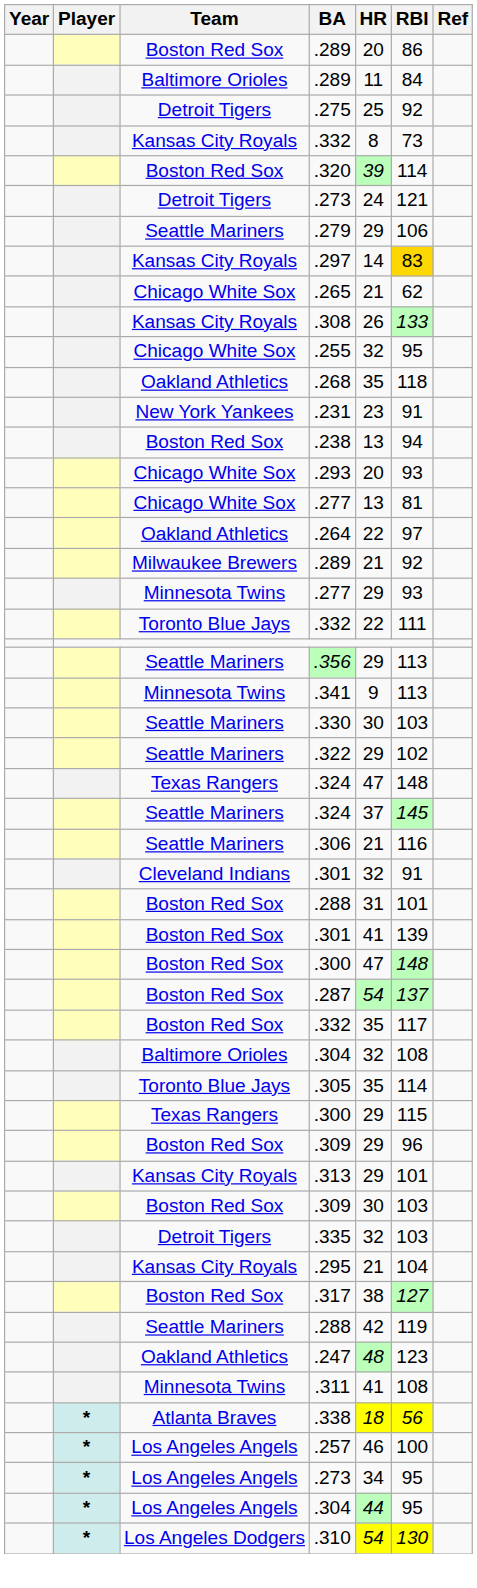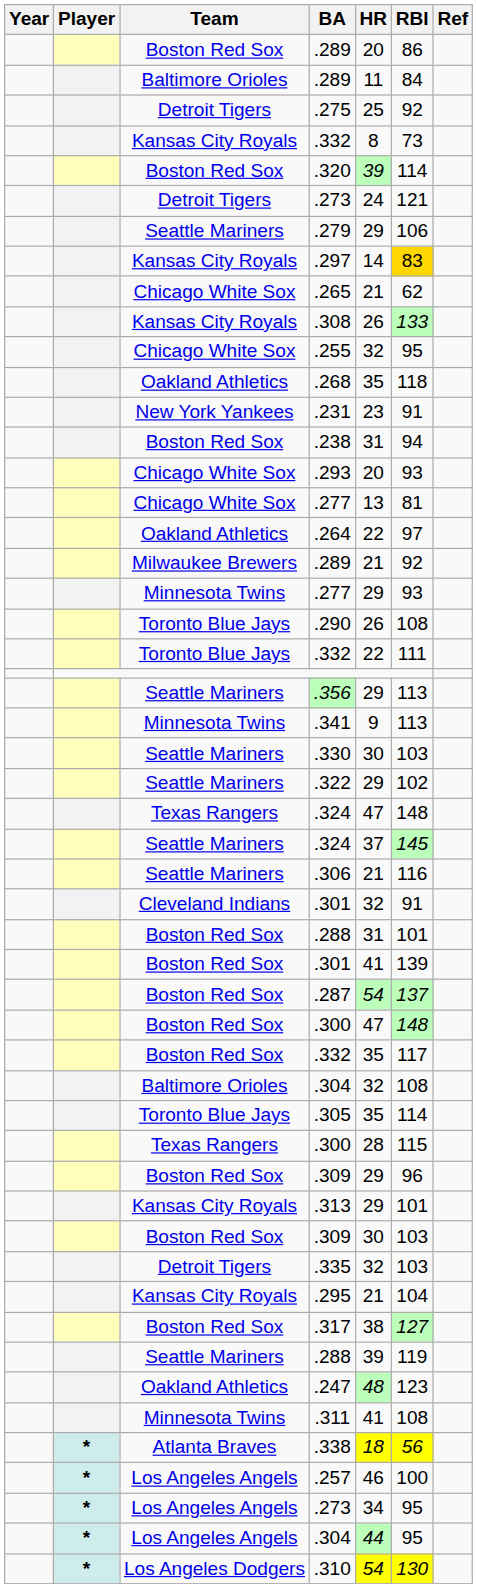 <table class="wikitable sortable plainrowheaders" style="text-align:center; text-align:center">
 <tr>
 <th scope="col">Year</th>
 <th scope="col">Player</th>
 <th scope="col">Team</th>
 <th scope="col">BA</th>
 <th scope="col">HR</th>
 <th scope="col">RBI</th>
 <th class=unsortable scope="col">Ref</th>
 </tr>
 <tr>
 <td></td>
 <th scope="row" style="text-align:center; background:#ffb;"></th>
 <td><a href='#'>Boston Red Sox</a></td>
 <td>.289</td>
 <td>20</td>
 <td>86</td>
 <td></td>
 </tr>
 <tr>
 <td></td>
 <th scope="row" style="text-align:center"></th>
 <td><a href='#'>Baltimore Orioles</a></td>
 <td>.289</td>
 <td>11</td>
 <td>84</td>
 <td></td>
 </tr>
 <tr>
 <td></td>
 <th scope="row" style="text-align:center"></th>
 <td><a href='#'>Detroit Tigers</a></td>
 <td>.275</td>
 <td>25</td>
 <td>92</td>
 <td></td>
 </tr>
 <tr>
 <td></td>
 <th scope="row" style="text-align:center"></th>
 <td><a href='#'>Kansas City Royals</a></td>
 <td>.332</td>
 <td>8</td>
 <td>73</td>
 <td></td>
 </tr>
 <tr>
 <td></td>
 <th scope="row" style="text-align:center; background:#ffb;"></th>
 <td><a href='#'>Boston Red Sox</a></td>
 <td>.320</td>
 <td style="text-align:center; background:#bfb;"><em>39</em></td>
 <td>114</td>
 <td></td>
 </tr>
 <tr>
 <td></td>
 <th scope="row" style="text-align:center"></th>
 <td><a href='#'>Detroit Tigers</a></td>
 <td>.273</td>
 <td>24</td>
 <td>121</td>
 <td></td>
 </tr>
 <tr>
 <td></td>
 <th scope="row" style="text-align:center"> </th>
 <td><a href='#'>Seattle Mariners</a></td>
 <td>.279</td>
 <td>29</td>
 <td>106</td>
 <td></td>
 </tr>
 <tr>
 <td></td>
 <th scope="row" style="text-align:center"> </th>
 <td><a href='#'>Kansas City Royals</a></td>
 <td>.297</td>
 <td>14</td>
 <td style="background: gold;">83</td>
 <td></td>
 </tr>
 <tr>
 <td></td>
 <th scope="row" style="text-align:center"></th>
 <td><a href='#'>Chicago White Sox</a></td>
 <td>.265</td>
 <td>21</td>
 <td>62</td>
 <td></td>
 </tr>
 <tr>
 <td></td>
 <th scope="row" style="text-align:center"> </th>
 <td><a href='#'>Kansas City Royals</a></td>
 <td>.308</td>
 <td>26</td>
 <td style="text-align:center; background:#bfb;"><em>133</em></td>
 <td></td>
 </tr>
 <tr>
 <td></td>
 <th scope="row" style="text-align:center"> </th>
 <td><a href='#'>Chicago White Sox</a></td>
 <td>.255</td>
 <td>32</td>
 <td>95</td>
 <td></td>
 </tr>
 <tr>
 <td></td>
 <th scope="row" style="text-align:center"></th>
 <td><a href='#'>Oakland Athletics</a></td>
 <td>.268</td>
 <td>35</td>
 <td>118</td>
 <td></td>
 </tr>
 <tr>
 <td></td>
 <th scope="row" style="text-align:center"></th>
 <td><a href='#'>New York Yankees</a></td>
 <td>.231</td>
 <td>23</td>
 <td>91</td>
 <td></td>
 </tr>
 <tr>
 <td></td>
 <th scope="row" style="text-align:center"> </th>
 <td><a href='#'>Boston Red Sox</a></td>
 <td>.238</td>
-<td>13</td>
+<td>31</td>
 <td>94</td>
 <td></td>
 </tr>
 <tr>
 <td></td>
 <th scope="row" style="text-align:center; background:#ffb;"></th>
 <td><a href='#'>Chicago White Sox</a></td>
 <td>.293</td>
 <td>20</td>
 <td>93</td>
 <td></td>
 </tr>
 <tr>
 <td></td>
 <th scope="row" style="text-align:center; background:#ffb;"> </th>
 <td><a href='#'>Chicago White Sox</a></td>
 <td>.277</td>
 <td>13</td>
 <td>81</td>
 <td></td>
 </tr>
 <tr>
 <td></td>
 <th scope="row" style="text-align:center; background:#ffb;"></th>
 <td><a href='#'>Oakland Athletics</a></td>
 <td>.264</td>
 <td>22</td>
 <td>97</td>
 <td></td>
 </tr>
 <tr>
 <td></td>
 <th scope="row" style="text-align:center; background:#ffb;"> </th>
 <td><a href='#'>Milwaukee Brewers</a></td>
 <td>.289</td>
 <td>21</td>
 <td>92</td>
 <td></td>
 </tr>
 <tr>
 <td></td>
 <th scope="row" style="text-align:center"></th>
 <td><a href='#'>Minnesota Twins</a></td>
 <td>.277</td>
 <td>29</td>
 <td>93</td>
+<td></td>
+</tr>
+<tr>
+<td></td>
+<th scope="row" style="text-align:center; background:#ffb;"></th>
+<td><a href='#'>Toronto Blue Jays</a></td>
+<td>.290</td>
+<td>26</td>
+<td>108</td>
 <td></td>
 </tr>
 <tr>
 <td></td>
 <th scope="row" style="text-align:center; background:#ffb;"></th>
 <td><a href='#'>Toronto Blue Jays</a></td>
 <td>.332</td>
 <td>22</td>
 <td>111</td>
 <td></td>
 </tr>
 <tr>
 <td></td>
 <td colspan="5"></td>
 <td></td>
 </tr>
 <tr>
 <td></td>
 <th scope="row" style="text-align:center; background:#ffb;"></th>
 <td><a href='#'>Seattle Mariners</a></td>
 <td style="text-align:center; background:#bfb;"><em>.356</em></td>
 <td>29</td>
 <td>113</td>
 <td></td>
 </tr>
 <tr>
 <td></td>
 <th scope="row" style="text-align:center; background:#ffb;"> </th>
 <td><a href='#'>Minnesota Twins</a></td>
 <td>.341</td>
 <td>9</td>
 <td>113</td>
 <td></td>
 </tr>
 <tr>
 <td></td>
 <th scope="row" style="text-align:center; background:#ffb;"> </th>
 <td><a href='#'>Seattle Mariners</a></td>
 <td>.330</td>
 <td>30</td>
 <td>103</td>
 <td></td>
 </tr>
 <tr>
 <td></td>
 <th scope="row" style="text-align:center; background:#ffb;"> </th>
 <td><a href='#'>Seattle Mariners</a></td>
 <td>.322</td>
 <td>29</td>
 <td>102</td>
 <td></td>
 </tr>
 <tr>
 <td></td>
 <th scope="row" style="text-align:center"></th>
 <td><a href='#'>Texas Rangers</a></td>
 <td>.324</td>
 <td>47</td>
 <td>148</td>
 <td></td>
 </tr>
 <tr>
 <td></td>
 <th scope="row" style="text-align:center; background:#ffb;"> </th>
 <td><a href='#'>Seattle Mariners</a></td>
 <td>.324</td>
 <td>37</td>
 <td style="text-align:center; background:#bfb;"><em>145</em></td>
 <td></td>
 </tr>
 <tr>
 <td></td>
 <th scope="row" style="text-align:center; background:#ffb;"> </th>
 <td><a href='#'>Seattle Mariners</a></td>
 <td>.306</td>
 <td>21</td>
 <td>116</td>
 <td></td>
 </tr>
 <tr>
 <td></td>
 <th scope="row" style="text-align:center"></th>
 <td><a href='#'>Cleveland Indians</a></td>
 <td>.301</td>
 <td>32</td>
 <td>91</td>
 <td></td>
 </tr>
 <tr>
 <td></td>
 <th scope="row" style="text-align:center; background:#ffb;"></th>
 <td><a href='#'>Boston Red Sox</a></td>
 <td>.288</td>
 <td>31</td>
 <td>101</td>
 <td></td>
 </tr>
 <tr>
 <td></td>
 <th scope="row" style="text-align:center; background:#ffb;"> </th>
 <td><a href='#'>Boston Red Sox</a></td>
 <td>.301</td>
 <td>41</td>
 <td>139</td>
 <td></td>
 </tr>
 <tr>
 <td></td>
 <th scope="row" style="text-align:center; background:#ffb;"> </th>
 <td><a href='#'>Boston Red Sox</a></td>
-<td>.300</td>
-<td>47</td>
-<td style="text-align:center; background:#bfb;"><em>148</em></td>
+<td>.287</td>
+<td style="text-align:center; background:#bfb;"><em>54</em></td>
+<td style="text-align:center; background:#bfb;"><em>137</em></td>
 <td></td>
 </tr>
 <tr>
 <td></td>
 <th scope="row" style="text-align:center; background:#ffb;"> </th>
 <td><a href='#'>Boston Red Sox</a></td>
-<td>.287</td>
-<td style="text-align:center; background:#bfb;"><em>54</em></td>
-<td style="text-align:center; background:#bfb;"><em>137</em></td>
+<td>.300</td>
+<td>47</td>
+<td style="text-align:center; background:#bfb;"><em>148</em></td>
 <td></td>
 </tr>
 <tr>
 <td></td>
 <th scope="row" style="text-align:center; background:#ffb;"> </th>
 <td><a href='#'>Boston Red Sox</a></td>
 <td>.332</td>
 <td>35</td>
 <td>117</td>
 <td></td>
 </tr>
 <tr>
 <td></td>
 <th scope="row" style="text-align:center"></th>
 <td><a href='#'>Baltimore Orioles</a></td>
 <td>.304</td>
 <td>32</td>
 <td>108</td>
 <td></td>
 </tr>
 <tr>
 <td></td>
 <th scope="row" style="text-align:center;"></th>
 <td><a href='#'>Toronto Blue Jays</a></td>
 <td>.305</td>
 <td>35</td>
 <td>114</td>
 <td></td>
 </tr>
 <tr>
 <td></td>
 <th scope="row" style="text-align:center; background:#ffb;"></th>
 <td><a href='#'>Texas Rangers</a></td>
 <td>.300</td>
-<td>29</td>
+<td>28</td>
 <td>115</td>
 <td></td>
 </tr>
 <tr>
 <td></td>
 <th scope="row" style="text-align:center; background:#ffb;"> </th>
 <td><a href='#'>Boston Red Sox</a></td>
 <td>.309</td>
 <td>29</td>
 <td>96</td>
 <td></td>
 </tr>
 <tr>
 <td></td>
 <th scope="row" style="text-align:center;"></th>
 <td><a href='#'>Kansas City Royals</a></td>
 <td>.313</td>
 <td>29</td>
 <td>101</td>
 <td></td>
 </tr>
 <tr>
 <td></td>
 <th scope="row" style="text-align:center; background:#ffb;"> </th>
 <td><a href='#'>Boston Red Sox</a></td>
 <td>.309</td>
 <td>30</td>
 <td>103</td>
 <td></td>
 </tr>
 <tr>
 <td></td>
 <th scope="row" style="text-align:center; "></th>
 <td><a href='#'>Detroit Tigers</a></td>
 <td>.335</td>
 <td>32</td>
 <td>103</td>
 <td></td>
 </tr>
 <tr>
 <td></td>
 <th scope="row" style="text-align:center; "></th>
 <td><a href='#'>Kansas City Royals</a></td>
 <td>.295</td>
 <td>21</td>
 <td>104</td>
 <td></td>
 </tr>
 <tr>
 <td></td>
 <th scope="row" style="text-align:center; background:#ffb;"> </th>
 <td><a href='#'>Boston Red Sox</a></td>
 <td>.317</td>
 <td>38</td>
 <td style="text-align:center; background:#bfb;"><em>127</em></td>
 <td></td>
 </tr>
 <tr>
 <td></td>
 <th scope="row" style="text-align:center; "></th>
 <td><a href='#'>Seattle Mariners</a></td>
 <td>.288</td>
-<td>42</td>
+<td>39</td>
 <td>119</td>
 <td></td>
 </tr>
 <tr>
 <td></td>
 <th scope="row" style="text-align:center;"></th>
 <td><a href='#'>Oakland Athletics</a></td>
 <td>.247</td>
 <td style="text-align:center; background:#bfb;"><em>48</em></td>
 <td>123</td>
 <td></td>
 </tr>
 <tr>
 <td></td>
 <th scope="row" style="text-align:center;"> </th>
 <td><a href='#'>Minnesota Twins</a></td>
 <td>.311</td>
 <td>41</td>
 <td>108</td>
 <td></td>
 </tr>
 <tr>
 <td></td>
 <th scope="row" style="text-align:center; background:#cfecec;">*</th>
 <td><a href='#'>Atlanta Braves</a></td>
 <td>.338</td>
 <td style="text-align:center; background:yellow;"><em>18</em></td>
 <td style="text-align:center; background:yellow;"><em>56</em></td>
 <td></td>
 </tr>
 <tr>
 <td></td>
 <th scope="row" style="text-align:center; background:#cfecec;">*</th>
 <td><a href='#'>Los Angeles Angels</a></td>
 <td>.257</td>
 <td>46</td>
 <td>100</td>
 <td></td>
 </tr>
 <tr>
 <td></td>
 <th scope="row" style="text-align:center; background:#cfecec;">* </th>
 <td><a href='#'>Los Angeles Angels</a></td>
 <td>.273</td>
 <td>34</td>
 <td>95</td>
 <td></td>
 </tr>
 <tr>
 <td></td>
 <th scope="row" style="text-align:center; background:#cfecec;">* </th>
 <td><a href='#'>Los Angeles Angels</a></td>
 <td>.304</td>
 <td style="text-align:center; background:#bfb;"><em>44</em></td>
 <td>95</td>
 <td></td>
 </tr>
 <tr>
 <td></td>
 <th scope="row" style="text-align:center; background:#cfecec;">* </th>
 <td><a href='#'>Los Angeles Dodgers</a></td>
 <td>.310</td>
 <td style="text-align:center; background:yellow;"><em>54</em></td>
 <td style="text-align:center; background:yellow;"><em>130</em></td>
 <td></td>
 </tr>
 </table>
